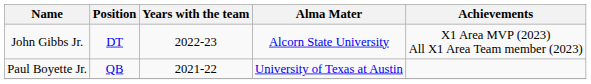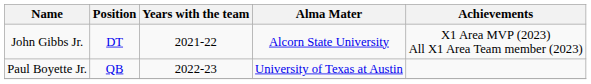 <table class="wikitable" style="text-align:center">
 <tr>
 <th>Name</th>
 <th>Position</th>
 <th>Years with the team</th>
 <th>Alma Mater</th>
 <th>Achievements</th>
 </tr>
 <tr>
 <td>John Gibbs Jr.</td>
 <td><a href='#'>DT</a></td>
-<td>2022-23</td>
+<td>2021-22</td>
 <td><a href='#'>Alcorn State University</a></td>
 <td>X1 Area MVP (2023)<br> All X1 Area Team member (2023)</td>
 </tr>
 <tr>
 <td>Paul Boyette Jr.</td>
 <td><a href='#'>QB</a></td>
-<td>2021-22</td>
+<td>2022-23</td>
 <td><a href='#'>University of Texas at Austin</a></td>
 <td></td>
 </tr>
 <tr>
 </tr>
 </table>
